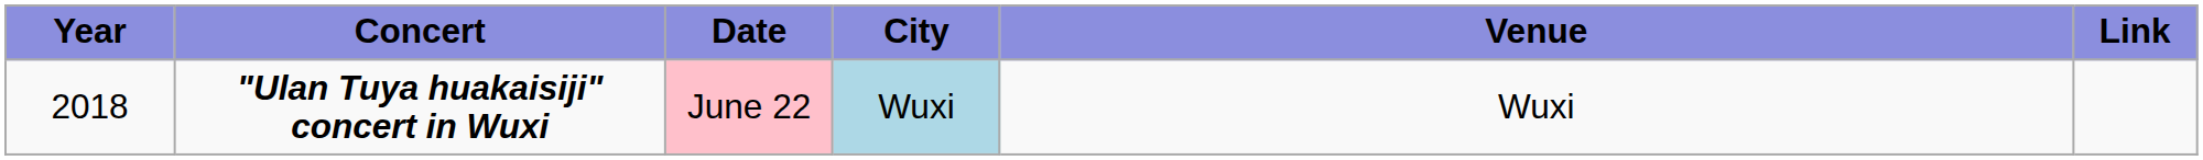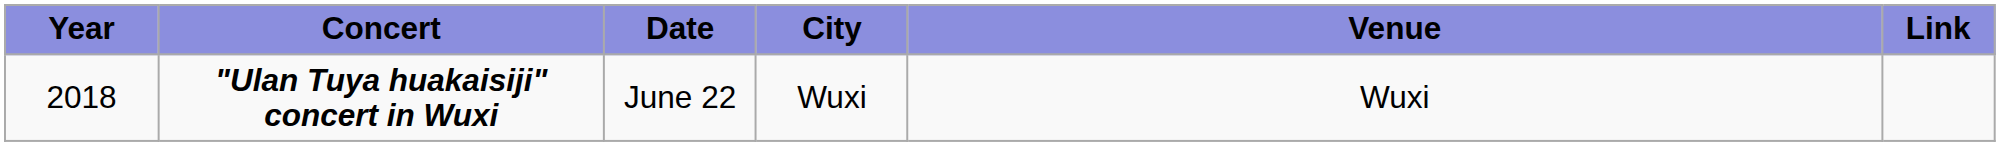 <table class="wikitable sortable mw-collapsible" width="80%" style="text-align:center">
 <tr align="center" style="background:#8B8EDE">
 <td style="width:2%"><strong>Year</strong></td>
 <td style="width:8%"><strong>Concert</strong></td>
 <td style="width:2%"><strong>Date</strong></td>
 <td style="width:2%"><strong>City</strong></td>
 <td style="width:18%"><strong>Venue</strong></td>
 <td style="width:1%"><strong>Link</strong></td>
 </tr>
 <tr>
 <td rowspan="2">2018</td>
 <td rowspan="2"><strong><em>"Ulan Tuya huakaisiji" concert in Wuxi</em></strong></td>
-<td style="background: pink;">June 22</td>
-<td style="background: lightblue;">Wuxi</td>
+<td>June 22</td>
+<td>Wuxi</td>
 <td>Wuxi</td>
 <td></td>
 </tr>
 </table>
